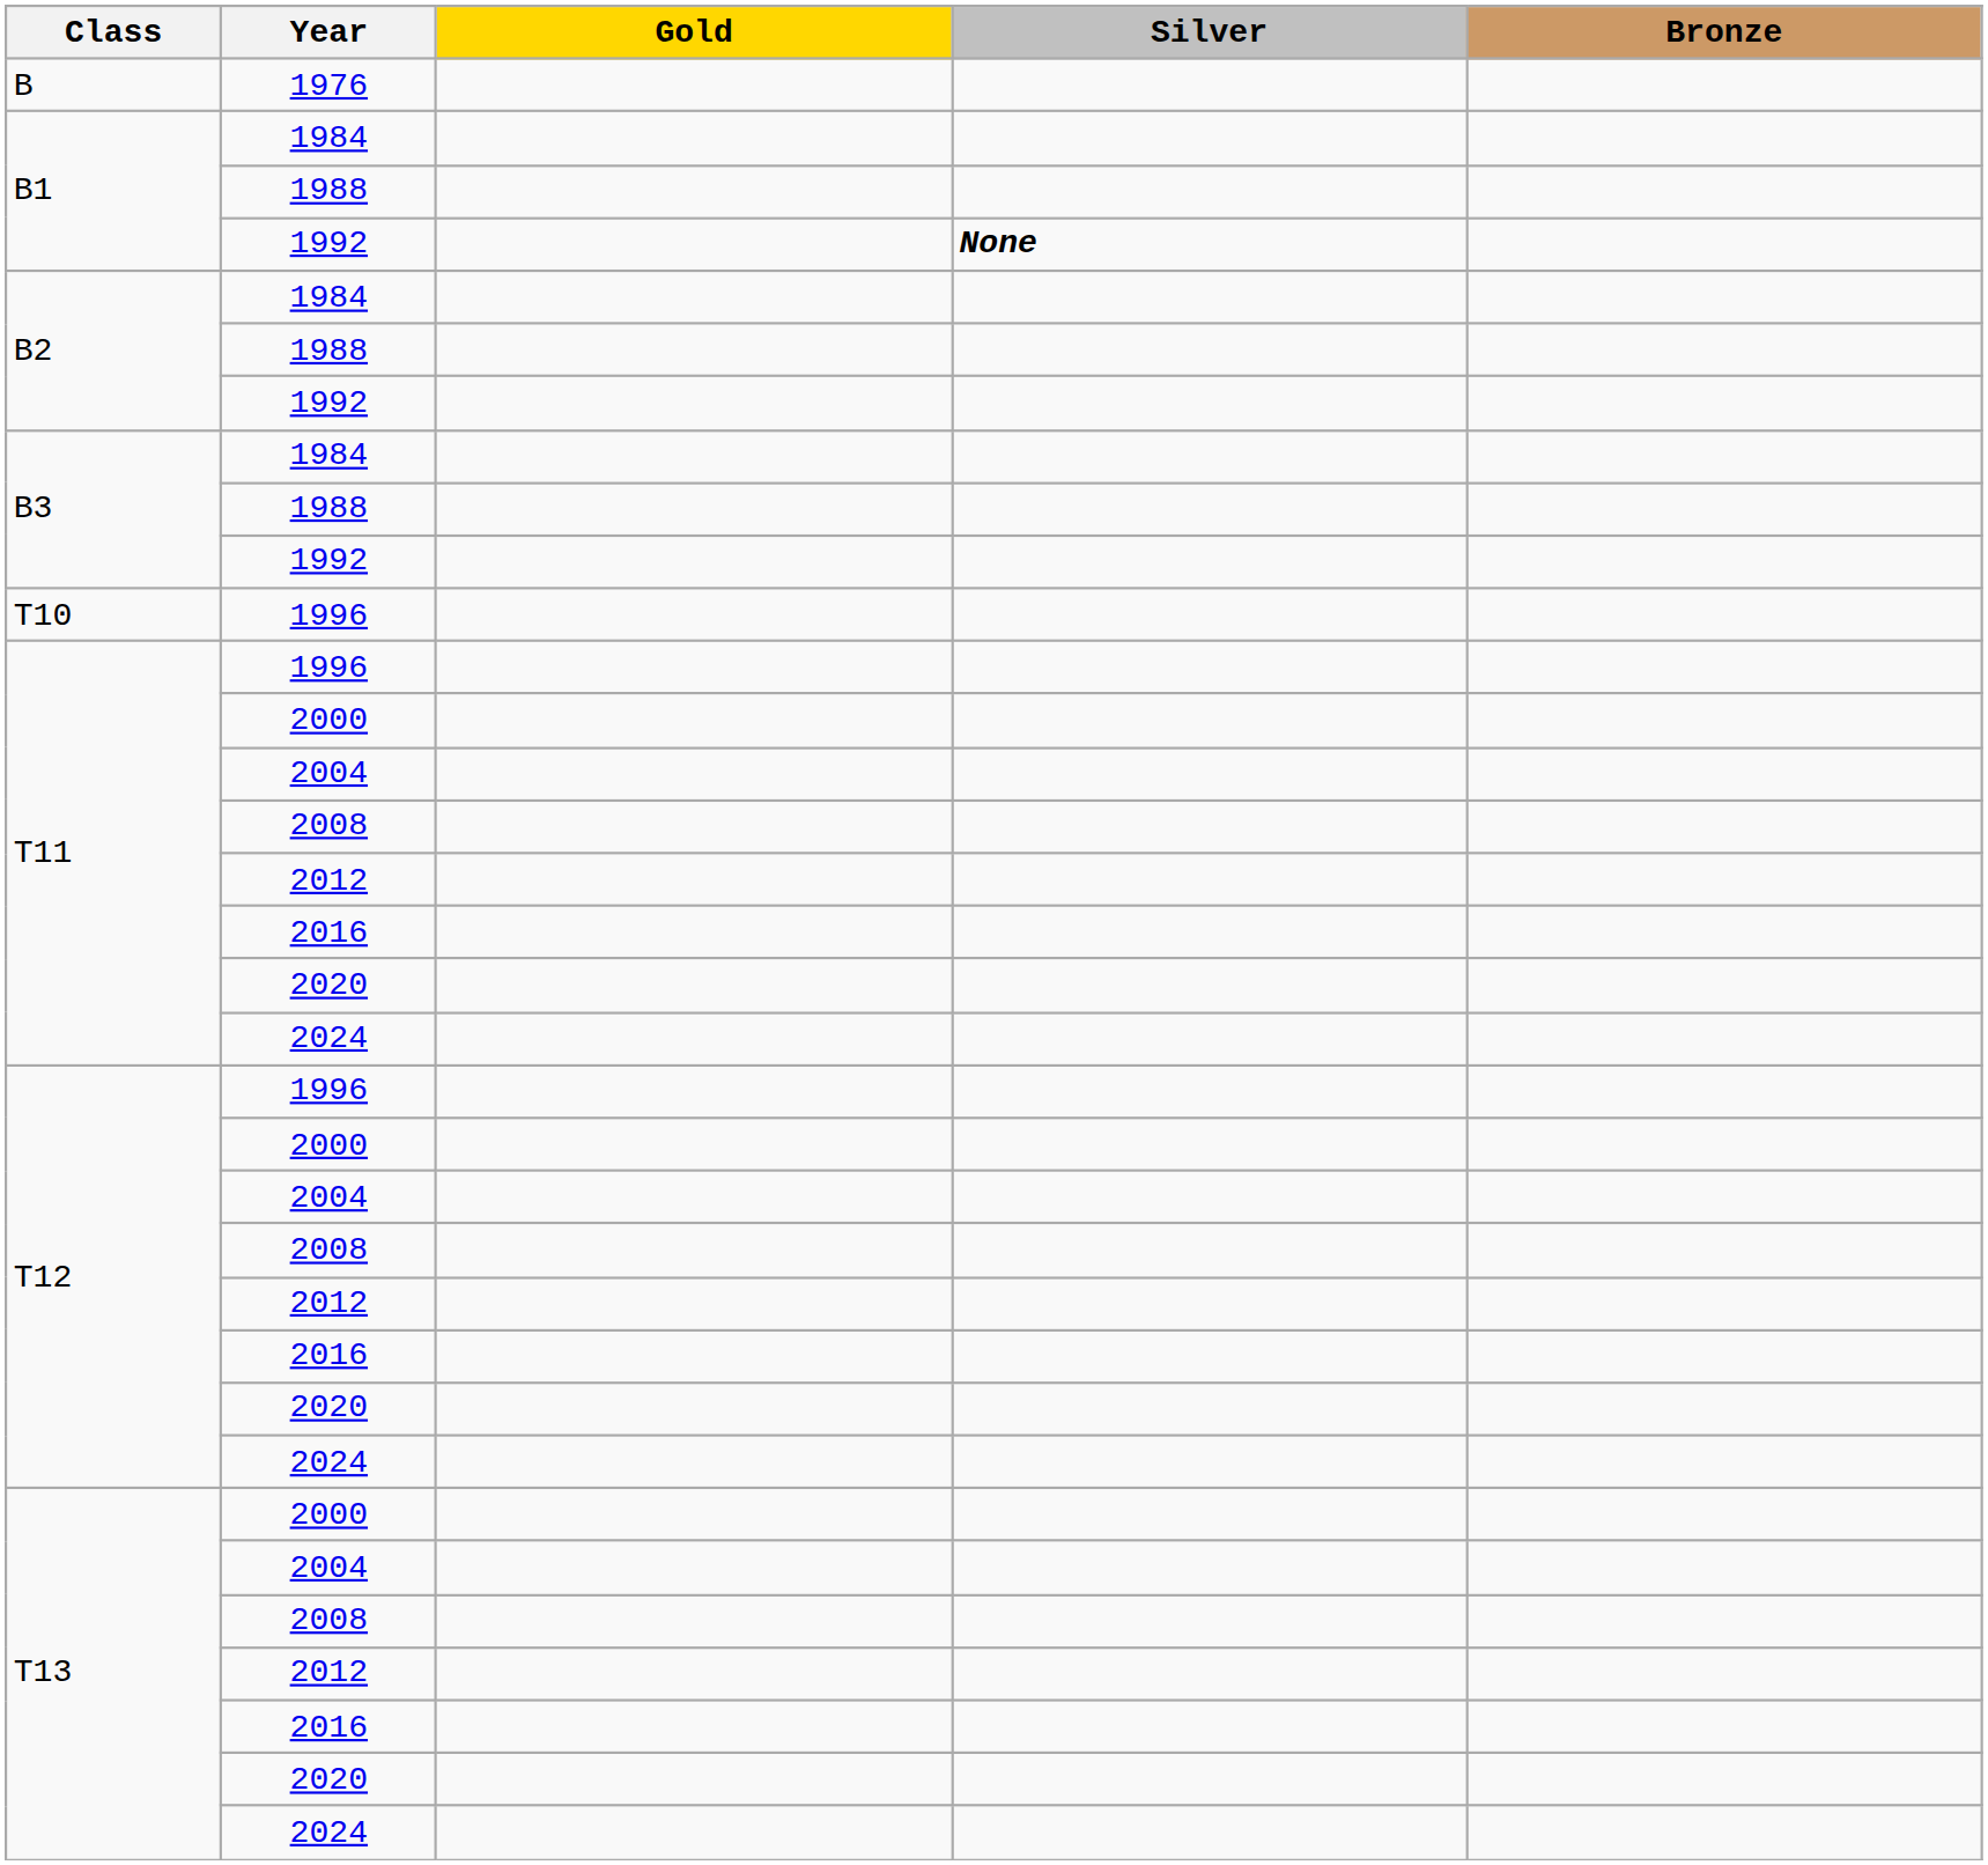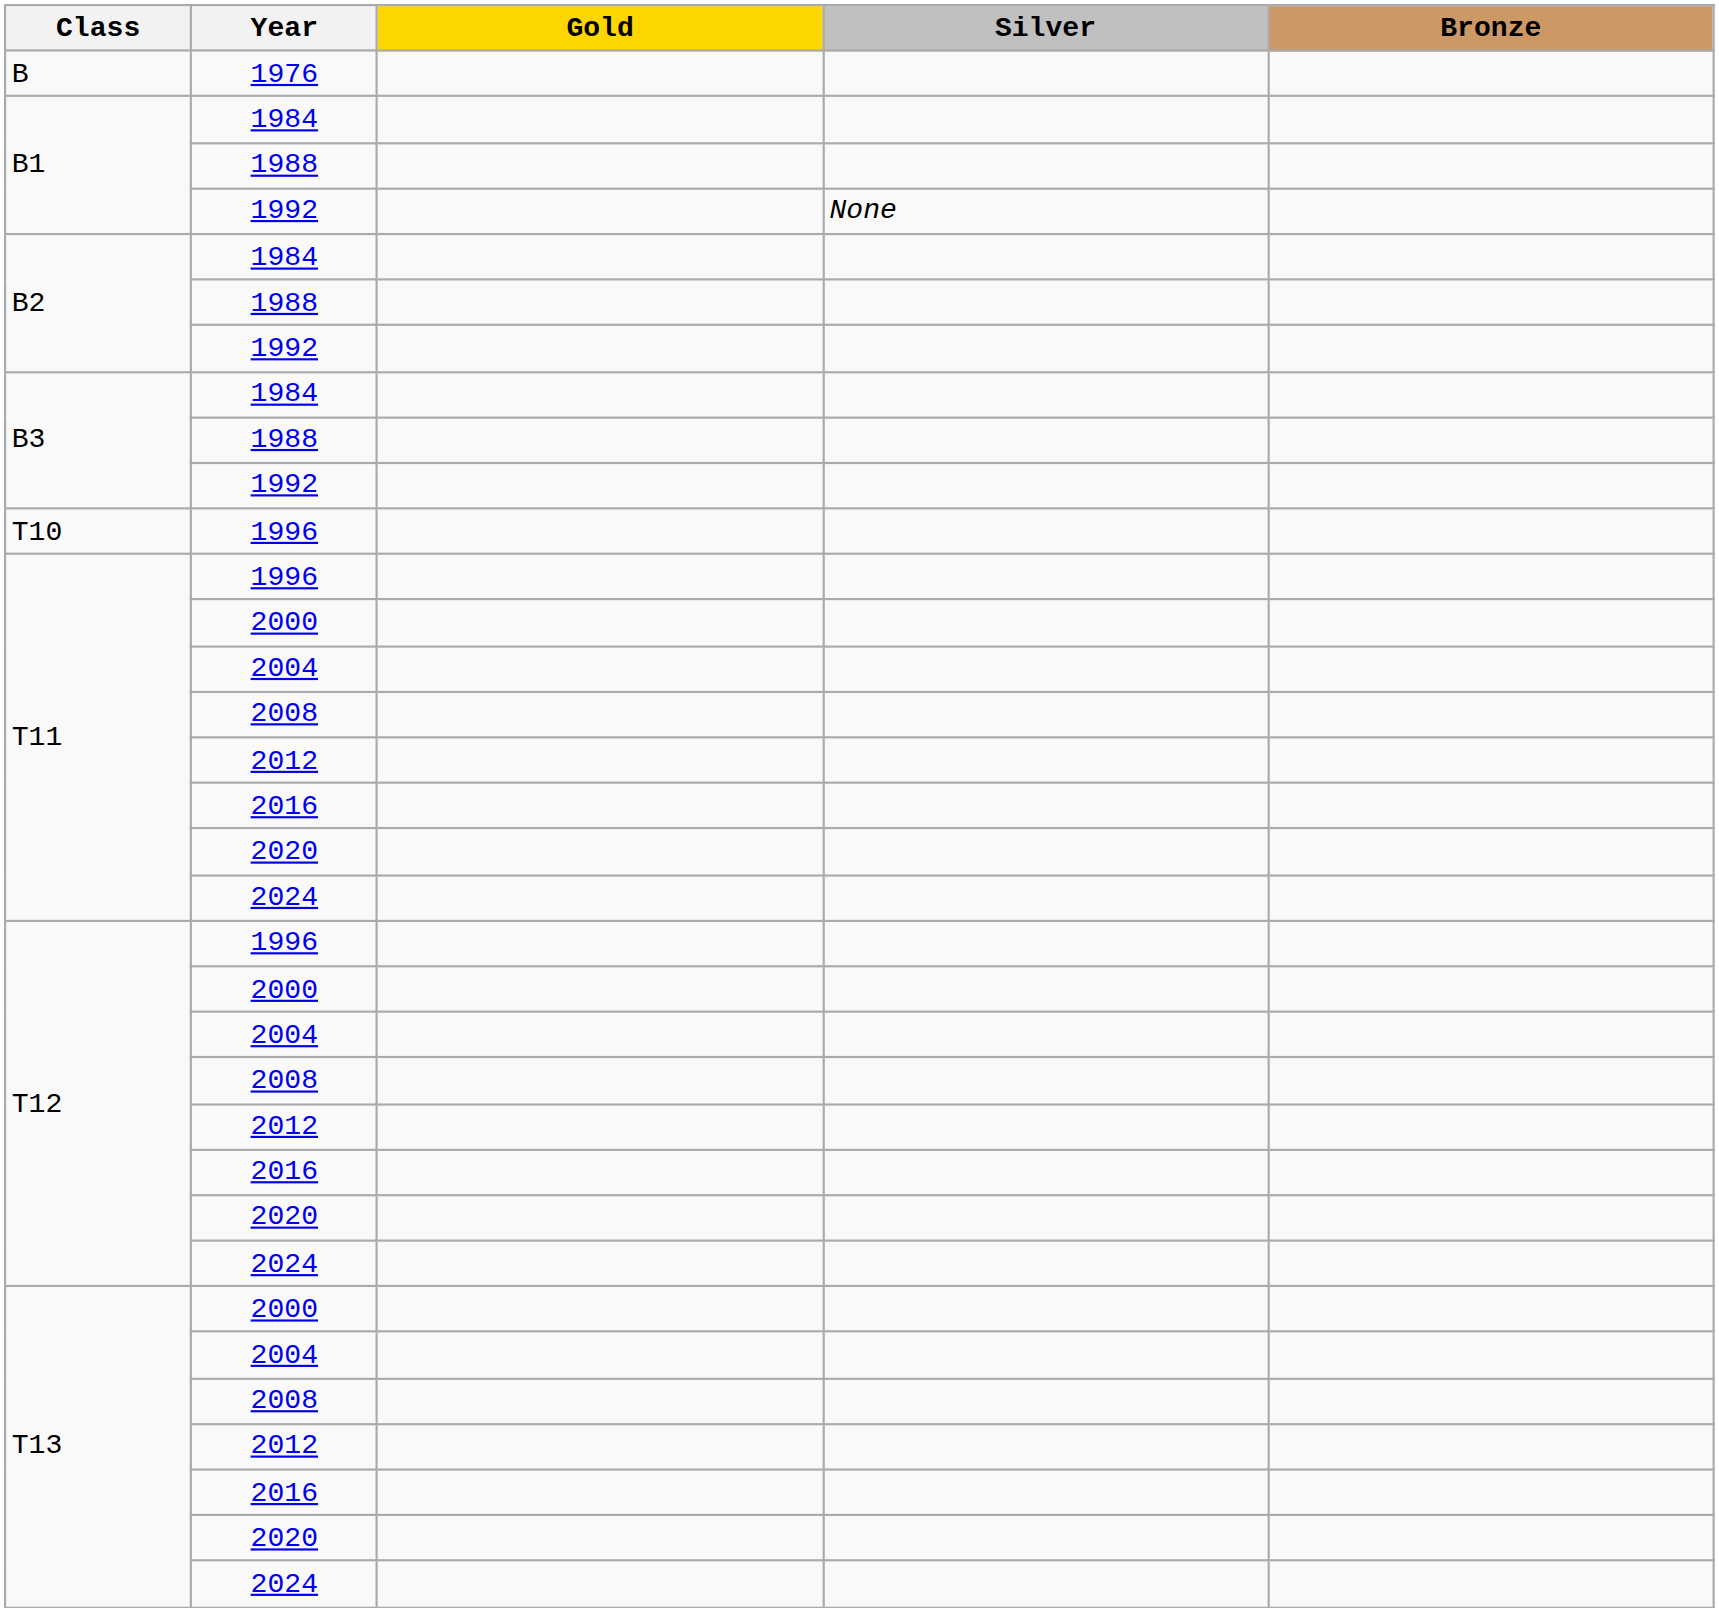 <table class="wikitable">
 <tr>
 <th width=80>Class</th>
 <th width=80>Year</th>
 <td align=center width=200 bgcolor=gold><strong>Gold</strong></td>
 <td align=center width=200 bgcolor=silver><strong>Silver</strong></td>
 <td align=center width=200 bgcolor=cc9966><strong>Bronze</strong></td>
 </tr>
 <tr>
 <td>B</td>
 <td align=center><a href='#'>1976</a></td>
 <td></td>
 <td></td>
 <td></td>
 </tr>
 <tr>
 <td rowspan=3>B1</td>
 <td align=center><a href='#'>1984</a></td>
 <td></td>
 <td></td>
 <td><br> </td>
 </tr>
 <tr>
 <td align=center><a href='#'>1988</a></td>
 <td></td>
 <td></td>
 <td></td>
 </tr>
 <tr>
 <td align=center><a href='#'>1992</a></td>
 <td><br> </td>
-<td><strong><em>None</em></strong></td>
+<td><em>None</em></td>
 <td></td>
 </tr>
 <tr>
 <td rowspan=3>B2</td>
 <td align=center><a href='#'>1984</a></td>
 <td></td>
 <td></td>
 <td></td>
 </tr>
 <tr>
 <td align=center><a href='#'>1988</a></td>
 <td></td>
 <td></td>
 <td></td>
 </tr>
 <tr>
 <td align=center><a href='#'>1992</a></td>
 <td></td>
 <td></td>
 <td></td>
 </tr>
 <tr>
 <td rowspan=3>B3</td>
 <td align=center><a href='#'>1984</a></td>
 <td></td>
 <td></td>
 <td></td>
 </tr>
 <tr>
 <td align=center><a href='#'>1988</a></td>
 <td></td>
 <td></td>
 <td></td>
 </tr>
 <tr>
 <td align=center><a href='#'>1992</a></td>
 <td></td>
 <td></td>
 <td></td>
 </tr>
 <tr>
 <td>T10</td>
 <td align=center><a href='#'>1996</a></td>
 <td></td>
 <td></td>
 <td></td>
 </tr>
 <tr>
 <td rowspan=8>T11</td>
 <td align=center><a href='#'>1996</a></td>
 <td></td>
 <td></td>
 <td></td>
 </tr>
 <tr>
 <td align=center><a href='#'>2000</a></td>
 <td></td>
 <td></td>
 <td></td>
 </tr>
 <tr>
 <td align=center><a href='#'>2004</a></td>
 <td></td>
 <td></td>
 <td></td>
 </tr>
 <tr>
 <td align=center><a href='#'>2008</a></td>
 <td></td>
 <td></td>
 <td></td>
 </tr>
 <tr>
 <td align=center><a href='#'>2012</a></td>
 <td></td>
 <td></td>
 <td></td>
 </tr>
 <tr>
 <td align=center><a href='#'>2016</a></td>
 <td></td>
 <td></td>
 <td></td>
 </tr>
 <tr>
 <td align=center><a href='#'>2020</a></td>
 <td></td>
 <td></td>
 <td></td>
 </tr>
 <tr>
 <td align=center><a href='#'>2024</a></td>
 <td></td>
 <td></td>
 <td></td>
 </tr>
 <tr>
 <td rowspan=8>T12</td>
 <td align=center><a href='#'>1996</a></td>
 <td></td>
 <td></td>
 <td></td>
 </tr>
 <tr>
 <td align=center><a href='#'>2000</a></td>
 <td></td>
 <td></td>
 <td></td>
 </tr>
 <tr>
 <td align=center><a href='#'>2004</a></td>
 <td></td>
 <td></td>
 <td></td>
 </tr>
 <tr>
 <td align=center><a href='#'>2008</a></td>
 <td></td>
 <td></td>
 <td></td>
 </tr>
 <tr>
 <td align=center><a href='#'>2012</a></td>
 <td></td>
 <td></td>
 <td></td>
 </tr>
 <tr>
 <td align=center><a href='#'>2016</a></td>
 <td></td>
 <td></td>
 <td></td>
 </tr>
 <tr>
 <td align=center><a href='#'>2020</a></td>
 <td></td>
 <td></td>
 <td></td>
 </tr>
 <tr>
 <td align=center><a href='#'>2024</a></td>
 <td></td>
 <td></td>
 <td></td>
 </tr>
 <tr>
 <td rowspan=7>T13</td>
 <td align=center><a href='#'>2000</a></td>
 <td></td>
 <td></td>
 <td></td>
 </tr>
 <tr>
 <td align=center><a href='#'>2004</a></td>
 <td></td>
 <td></td>
 <td></td>
 </tr>
 <tr>
 <td align=center><a href='#'>2008</a></td>
 <td></td>
 <td></td>
 <td></td>
 </tr>
 <tr>
 <td align=center><a href='#'>2012</a></td>
 <td></td>
 <td></td>
 <td></td>
 </tr>
 <tr>
 <td align=center><a href='#'>2016</a></td>
 <td></td>
 <td></td>
 <td></td>
 </tr>
 <tr>
 <td align=center><a href='#'>2020</a></td>
 <td></td>
 <td></td>
 <td></td>
 </tr>
 <tr>
 <td align=center><a href='#'>2024</a></td>
 <td></td>
 <td></td>
 <td></td>
 </tr>
 </table>
